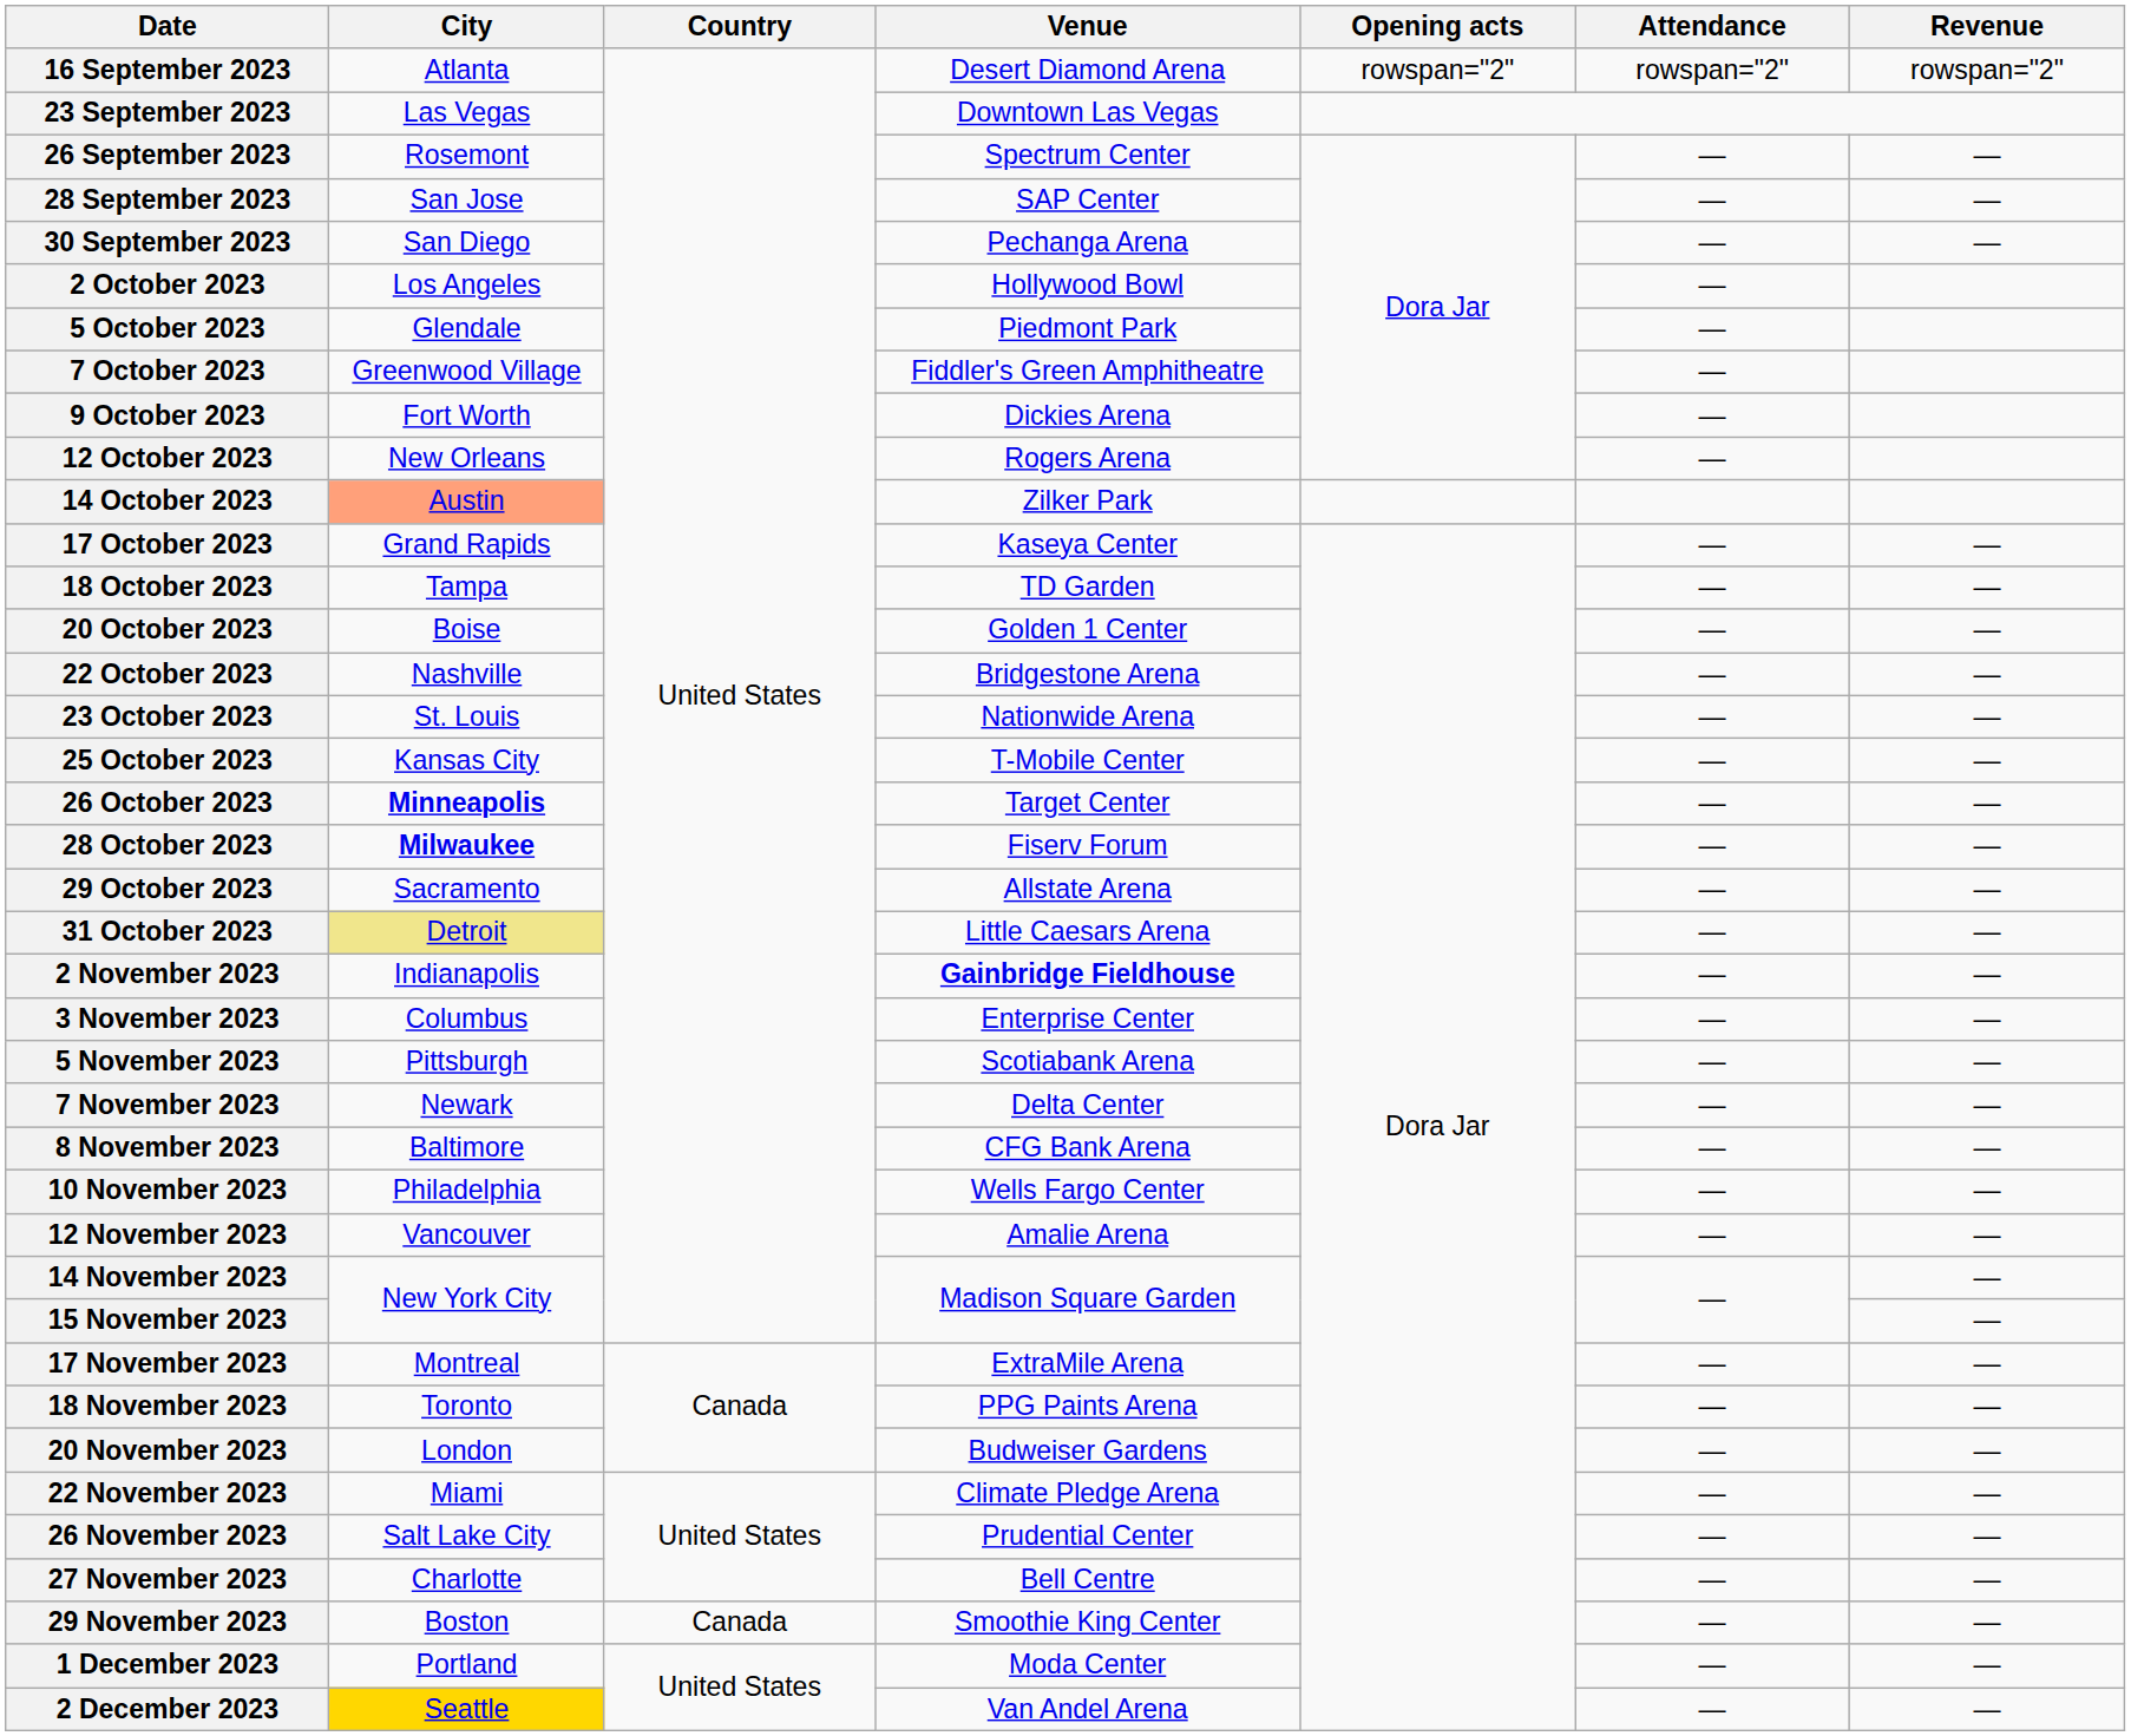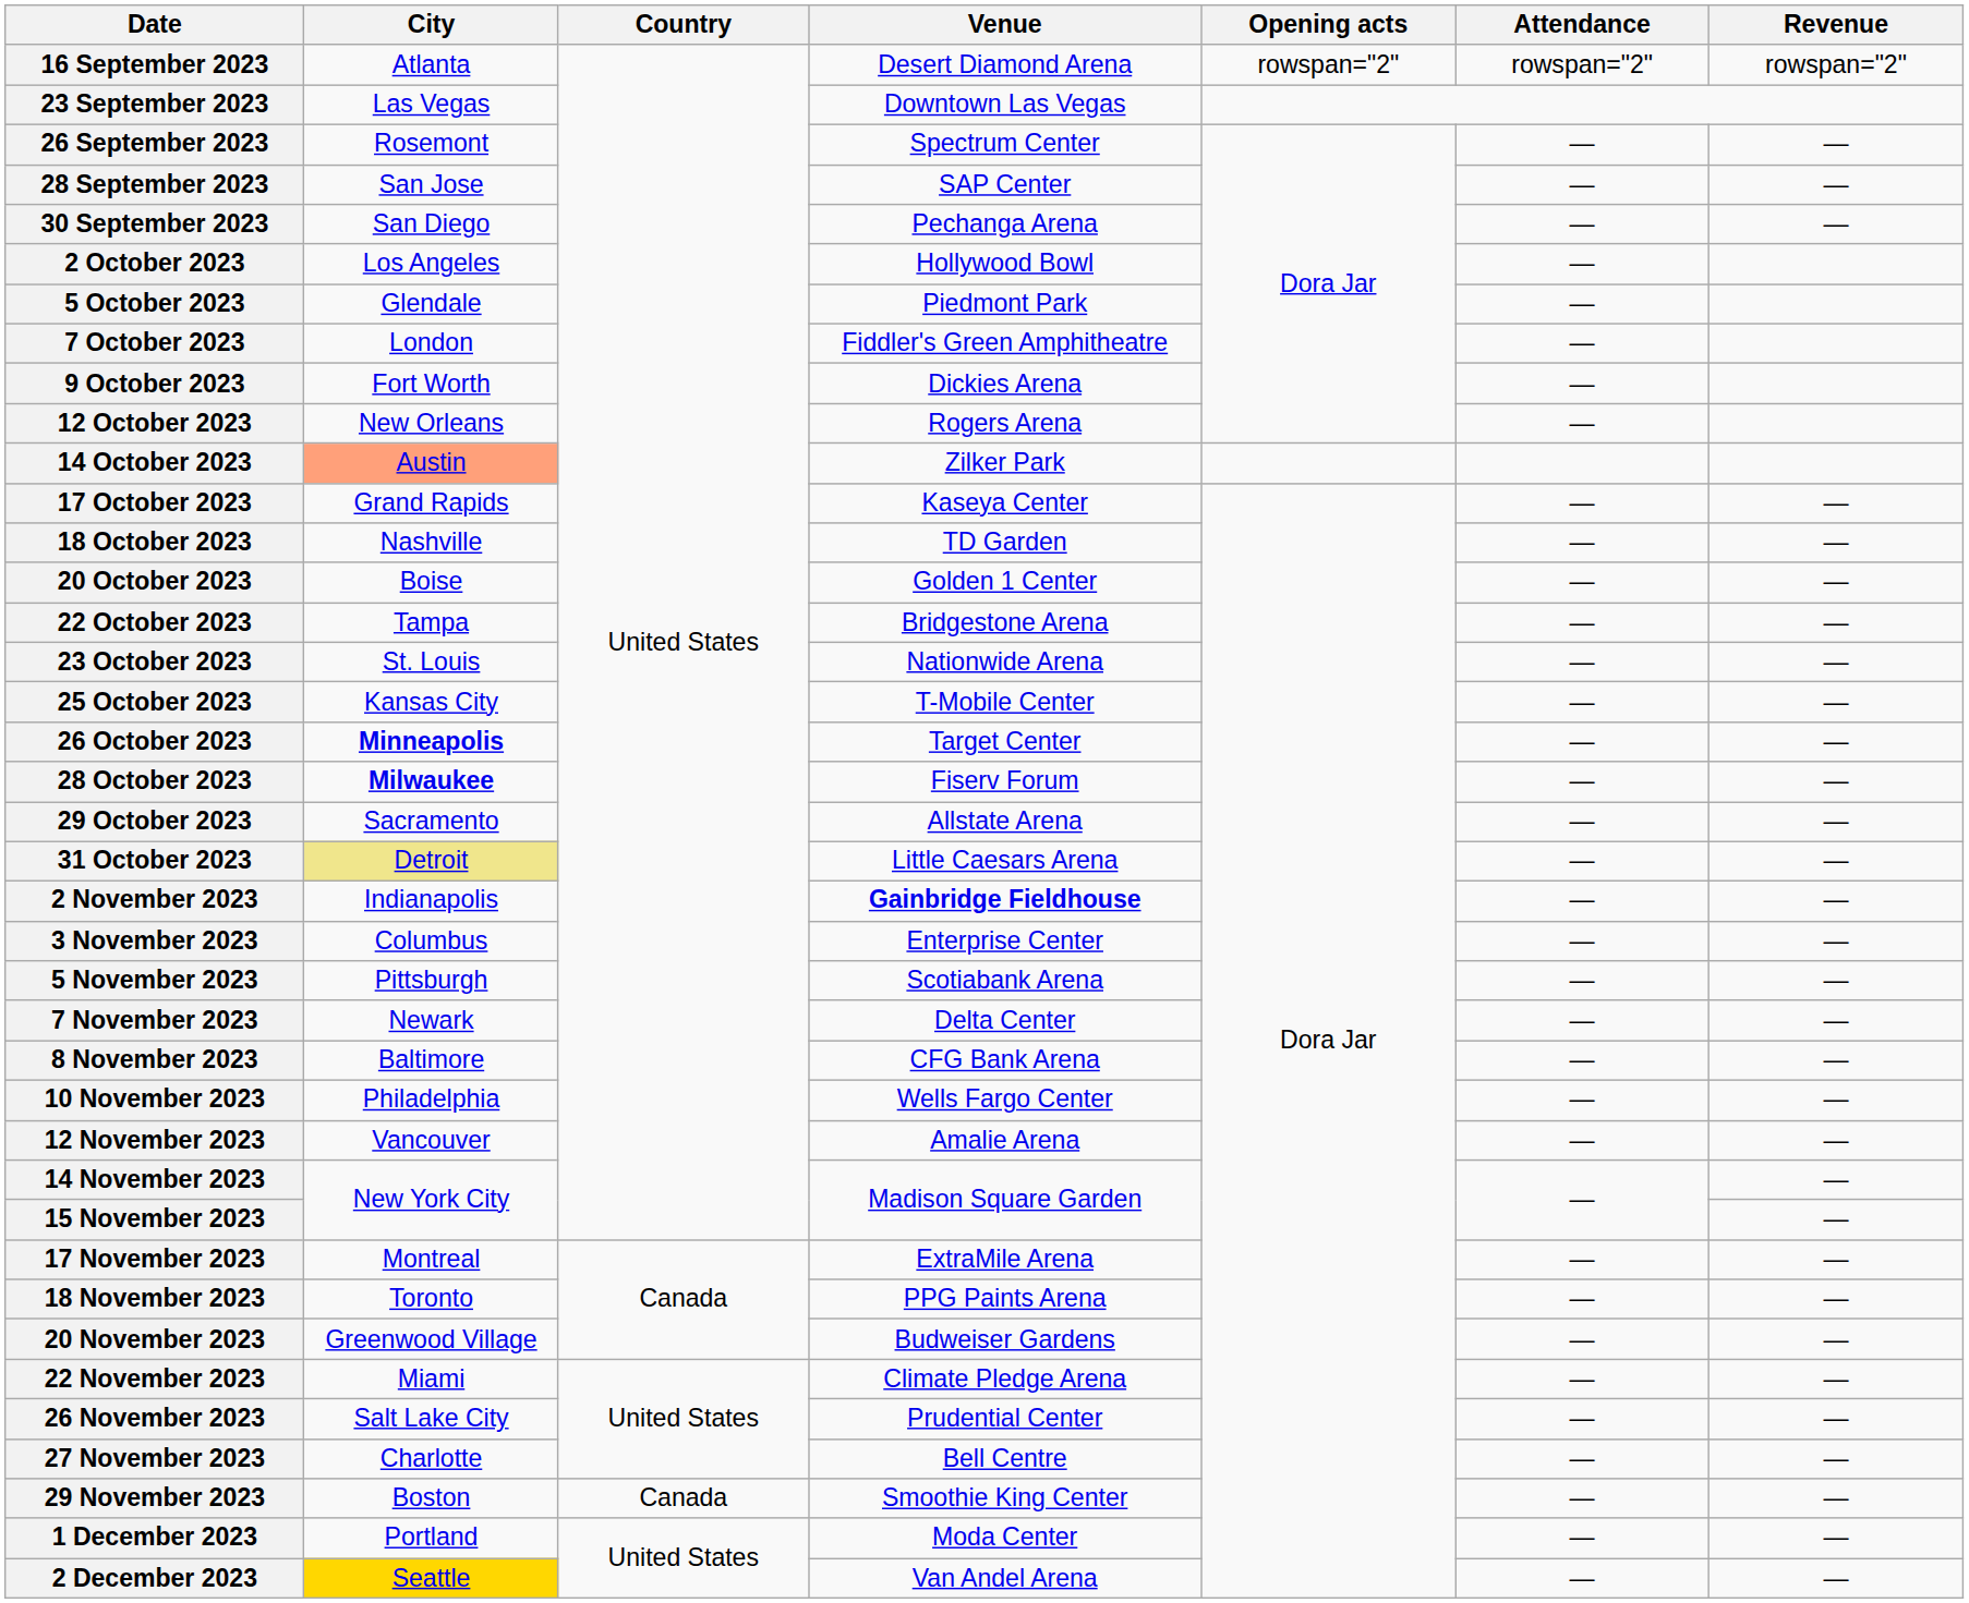 <table class="wikitable plainrowheaders" style="text-align:center;">
 <tr>
 <th scope="col" style="width:12em;">Date</th>
 <th scope="col" style="width:10em;">City</th>
 <th scope="col" style="width:10em;">Country</th>
 <th scope="col" style="width:16em;">Venue</th>
 <th scope="col" style="width:10em;">Opening acts</th>
 <th scope="col" style="width:10em;">Attendance</th>
 <th scope="col" style="width:10em;">Revenue</th>
 </tr>
 <tr>
 <th scope="row" style="text-align:center;">16 September 2023</th>
 <td><a href='#'>Atlanta</a></td>
 <td rowspan="30">United States</td>
 <td><a href='#'>Desert Diamond Arena</a></td>
 <td>rowspan="2" </td>
 <td>rowspan="2" </td>
 <td>rowspan="2" </td>
 </tr>
 <tr>
 <th scope="row" style="text-align:center;">23 September 2023</th>
 <td><a href='#'>Las Vegas</a></td>
 <td><a href='#'>Downtown Las Vegas</a></td>
 </tr>
 <tr>
 <th scope="row" style="text-align:center;">26 September 2023</th>
 <td><a href='#'>Rosemont</a></td>
 <td><a href='#'>Spectrum Center</a></td>
 <td rowspan="8"><a href='#'>Dora Jar</a></td>
 <td>—</td>
 <td>—</td>
 </tr>
 <tr>
 <th scope="row" style="text-align:center;">28 September 2023</th>
 <td><a href='#'>San Jose</a></td>
 <td><a href='#'>SAP Center</a></td>
 <td>—</td>
 <td>—</td>
 </tr>
 <tr>
 <th scope="row" style="text-align:center;">30 September 2023</th>
 <td><a href='#'>San Diego</a></td>
 <td><a href='#'>Pechanga Arena</a></td>
 <td>—</td>
 <td>—</td>
 </tr>
 <tr>
 <th scope="row" style="text-align:center;">2 October 2023</th>
 <td><a href='#'>Los Angeles</a></td>
 <td><a href='#'>Hollywood Bowl</a></td>
 <td>—</td>
 </tr>
 <tr>
 <th scope="row" style="text-align:center;">5 October 2023</th>
 <td><a href='#'>Glendale</a></td>
 <td><a href='#'>Piedmont Park</a></td>
 <td>—</td>
 <td></td>
 </tr>
 <tr>
 <th scope="row" style="text-align:center;">7 October 2023</th>
-<td><a href='#'>Greenwood Village</a></td>
+<td><a href='#'>London</a></td>
 <td><a href='#'>Fiddler's Green Amphitheatre</a></td>
 <td>—</td>
 <td></td>
 </tr>
 <tr>
 <th scope="row" style="text-align:center;">9 October 2023</th>
 <td><a href='#'>Fort Worth</a></td>
 <td><a href='#'>Dickies Arena</a></td>
 <td>—</td>
 <td></td>
 </tr>
 <tr>
 <th scope="row" style="text-align:center;">12 October 2023</th>
 <td><a href='#'>New Orleans</a></td>
 <td><a href='#'>Rogers Arena</a></td>
 <td>—</td>
 <td></td>
 </tr>
 <tr>
 <th scope="row" style="text-align:center;">14 October 2023</th>
 <td style="background: lightsalmon;"><a href='#'>Austin</a></td>
 <td><a href='#'>Zilker Park</a></td>
 <td></td>
 <td></td>
 <td></td>
 </tr>
 <tr>
 <th scope="row" style="text-align:center;">17 October 2023</th>
 <td><a href='#'>Grand Rapids</a></td>
 <td><a href='#'>Kaseya Center</a></td>
 <td rowspan="28">Dora Jar</td>
 <td>—</td>
 <td>—</td>
 </tr>
 <tr>
 <th scope="row" style="text-align:center;">18 October 2023</th>
-<td><a href='#'>Tampa</a></td>
+<td><a href='#'>Nashville</a></td>
 <td><a href='#'>TD Garden</a></td>
 <td>—</td>
 <td>—</td>
 </tr>
 <tr>
 <th scope="row" style="text-align:center;">20 October 2023</th>
 <td><a href='#'>Boise</a></td>
 <td><a href='#'>Golden 1 Center</a></td>
 <td>—</td>
 <td>—</td>
 </tr>
 <tr>
 <th scope="row" style="text-align:center;">22 October 2023</th>
-<td><a href='#'>Nashville</a></td>
+<td><a href='#'>Tampa</a></td>
 <td><a href='#'>Bridgestone Arena</a></td>
 <td>—</td>
 <td>—</td>
 </tr>
 <tr>
 <th scope="row" style="text-align:center;">23 October 2023</th>
 <td><a href='#'>St. Louis</a></td>
 <td><a href='#'>Nationwide Arena</a></td>
 <td>—</td>
 <td>—</td>
 </tr>
 <tr>
 <th scope="row" style="text-align:center;">25 October 2023</th>
 <td><a href='#'>Kansas City</a></td>
 <td><a href='#'>T-Mobile Center</a></td>
 <td>—</td>
 <td>—</td>
 </tr>
 <tr>
 <th scope="row" style="text-align:center;">26 October 2023</th>
 <td><strong><a href='#'>Minneapolis</a></strong></td>
 <td><a href='#'>Target Center</a></td>
 <td>—</td>
 <td>—</td>
 </tr>
 <tr>
 <th scope="row" style="text-align:center;">28 October 2023</th>
 <td><strong><a href='#'>Milwaukee</a></strong></td>
 <td><a href='#'>Fiserv Forum</a></td>
 <td>—</td>
 <td>—</td>
 </tr>
 <tr>
 <th scope="row" style="text-align:center;">29 October 2023</th>
 <td><a href='#'>Sacramento</a></td>
 <td><a href='#'>Allstate Arena</a></td>
 <td>—</td>
 <td>—</td>
 </tr>
 <tr>
 <th scope="row" style="text-align:center;">31 October 2023</th>
 <td style="background: khaki;"><a href='#'>Detroit</a></td>
 <td><a href='#'>Little Caesars Arena</a></td>
 <td>—</td>
 <td>—</td>
 </tr>
 <tr>
 <th scope="row" style="text-align:center;">2 November 2023</th>
 <td><a href='#'>Indianapolis</a></td>
 <td><strong><a href='#'>Gainbridge Fieldhouse</a></strong></td>
 <td>—</td>
 <td>—</td>
 </tr>
 <tr>
 <th scope="row" style="text-align:center;">3 November 2023</th>
 <td><a href='#'>Columbus</a></td>
 <td><a href='#'>Enterprise Center</a></td>
 <td>—</td>
 <td>—</td>
 </tr>
 <tr>
 <th scope="row" style="text-align:center;">5 November 2023</th>
 <td><a href='#'>Pittsburgh</a></td>
 <td><a href='#'>Scotiabank Arena</a></td>
 <td>—</td>
 <td>—</td>
 </tr>
 <tr>
 <th scope="row" style="text-align:center;">7 November 2023</th>
 <td><a href='#'>Newark</a></td>
 <td><a href='#'>Delta Center</a></td>
 <td>—</td>
 <td>—</td>
 </tr>
 <tr>
 <th scope="row" style="text-align:center;">8 November 2023</th>
 <td><a href='#'>Baltimore</a></td>
 <td><a href='#'>CFG Bank Arena</a></td>
 <td>—</td>
 <td>—</td>
 </tr>
 <tr>
 <th scope="row" style="text-align:center;">10 November 2023</th>
 <td><a href='#'>Philadelphia</a></td>
 <td><a href='#'>Wells Fargo Center</a></td>
 <td>—</td>
 <td>—</td>
 </tr>
 <tr>
 <th scope="row" style="text-align:center;">12 November 2023</th>
 <td><a href='#'>Vancouver</a></td>
 <td><a href='#'>Amalie Arena</a></td>
 <td>—</td>
 <td>—</td>
 </tr>
 <tr>
 <th scope="row" style="text-align:center;">14 November 2023</th>
 <td rowspan="2"><a href='#'>New York City</a></td>
 <td rowspan="2"><a href='#'>Madison Square Garden</a></td>
 <td rowspan="2">—</td>
 <td>—</td>
 </tr>
 <tr>
 <th scope="row" style="text-align:center;">15 November 2023</th>
 <td>—</td>
 </tr>
 <tr>
 <th scope="row" style="text-align:center;">17 November 2023</th>
 <td><a href='#'>Montreal</a></td>
 <td rowspan="3">Canada</td>
 <td><a href='#'>ExtraMile Arena</a></td>
 <td>—</td>
 <td>—</td>
 </tr>
 <tr>
 <th scope="row" style="text-align:center;">18 November 2023</th>
 <td><a href='#'>Toronto</a></td>
 <td><a href='#'>PPG Paints Arena</a></td>
 <td>—</td>
 <td>—</td>
 </tr>
 <tr>
 <th scope="row" style="text-align:center;">20 November 2023</th>
-<td><a href='#'>London</a></td>
+<td><a href='#'>Greenwood Village</a></td>
 <td><a href='#'>Budweiser Gardens</a></td>
 <td>—</td>
 <td>—</td>
 </tr>
 <tr>
 <th scope="row" style="text-align:center;">22 November 2023</th>
 <td><a href='#'>Miami</a></td>
 <td rowspan="3">United States</td>
 <td><a href='#'>Climate Pledge Arena</a></td>
 <td>—</td>
 <td>—</td>
 </tr>
 <tr>
 <th scope="row" style="text-align:center;">26 November 2023</th>
 <td><a href='#'>Salt Lake City</a></td>
 <td><a href='#'>Prudential Center</a></td>
 <td>—</td>
 <td>—</td>
 </tr>
 <tr>
 <th scope="row" style="text-align:center;">27 November 2023</th>
 <td><a href='#'>Charlotte</a></td>
 <td><a href='#'>Bell Centre</a></td>
 <td>—</td>
 <td>—</td>
 </tr>
 <tr>
 <th scope="row" style="text-align:center;">29 November 2023</th>
 <td><a href='#'>Boston</a></td>
 <td>Canada</td>
 <td><a href='#'>Smoothie King Center</a></td>
 <td>—</td>
 <td>—</td>
 </tr>
 <tr>
 <th scope="row" style="text-align:center;">1 December 2023</th>
 <td><a href='#'>Portland</a></td>
 <td rowspan="2">United States</td>
 <td><a href='#'>Moda Center</a></td>
 <td>—</td>
 <td>—</td>
 </tr>
 <tr>
 <th scope="row" style="text-align:center;">2 December 2023</th>
 <td style="background: gold;"><a href='#'>Seattle</a></td>
 <td><a href='#'>Van Andel Arena</a></td>
 <td>—</td>
 <td>—</td>
 </tr>
 </table>
